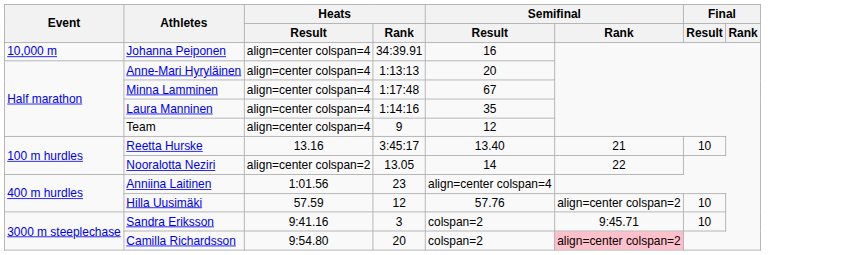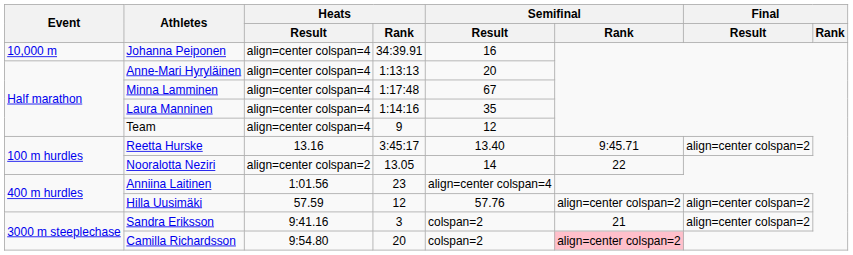 <table class="wikitable" border="1" style="font-size:90%">
 <tr>
 <th rowspan=2>Event</th>
 <th rowspan=2>Athletes</th>
 <th colspan=2>Heats</th>
 <th colspan=2>Semifinal</th>
 <th colspan=2>Final</th>
 </tr>
 <tr>
 <th>Result</th>
 <th>Rank</th>
 <th>Result</th>
 <th>Rank</th>
 <th>Result</th>
 <th>Rank</th>
 </tr>
 <tr>
 <td><a href='#'>10,000 m</a></td>
 <td><a href='#'>Johanna Peiponen</a></td>
 <td>align=center colspan=4 </td>
 <td align=center>34:39.91</td>
 <td align=center>16</td>
 </tr>
 <tr>
 <td rowspan=4><a href='#'>Half marathon</a></td>
 <td><a href='#'>Anne-Mari Hyryläinen</a></td>
 <td>align=center colspan=4 </td>
 <td align=center>1:13:13</td>
 <td align=center>20</td>
 </tr>
 <tr>
 <td><a href='#'>Minna Lamminen</a></td>
 <td>align=center colspan=4 </td>
 <td align=center>1:17:48</td>
 <td align=center>67</td>
 </tr>
 <tr>
 <td><a href='#'>Laura Manninen</a></td>
 <td>align=center colspan=4 </td>
 <td align=center>1:14:16 </td>
 <td align=center>35</td>
 </tr>
 <tr>
 <td>Team</td>
 <td>align=center colspan=4 </td>
 <td align=center>9 </td>
 <td align=center>12</td>
 </tr>
 <tr>
 <td rowspan=2><a href='#'>100 m hurdles</a></td>
 <td><a href='#'>Reetta Hurske</a></td>
 <td align=center>13.16 </td>
 <td align=center>3:45:17</td>
 <td align=center>13.40</td>
-<td align=center>21</td>
-<td align=center>10</td>
+<td align=center>9:45.71</td>
+<td>align=center colspan=2 </td>
 </tr>
 <tr>
 <td><a href='#'>Nooralotta Neziri</a></td>
 <td>align=center colspan=2 </td>
 <td align=center>13.05</td>
 <td align=center>14</td>
 <td align=center>22</td>
 </tr>
 <tr>
 <td rowspan=2><a href='#'>400 m hurdles</a></td>
 <td><a href='#'>Anniina Laitinen</a></td>
 <td align=center>1:01.56</td>
 <td align=center>23</td>
 <td>align=center colspan=4 </td>
 </tr>
 <tr>
 <td><a href='#'>Hilla Uusimäki</a></td>
 <td align=center>57.59 </td>
 <td align=center>12 </td>
 <td align=center>57.76</td>
 <td>align=center colspan=2 </td>
-<td align=center>10</td>
+<td>align=center colspan=2 </td>
 </tr>
 <tr>
 <td rowspan=2><a href='#'>3000 m steeplechase</a></td>
 <td><a href='#'>Sandra Eriksson</a></td>
 <td align=center>9:41.16</td>
 <td align=center>3 </td>
 <td>colspan=2 </td>
-<td align=center>9:45.71</td>
-<td align=center>10</td>
+<td align=center>21</td>
+<td>align=center colspan=2 </td>
 </tr>
 <tr>
 <td><a href='#'>Camilla Richardsson</a></td>
 <td align=center>9:54.80</td>
 <td align=center>20</td>
 <td>colspan=2 </td>
 <td style="background: pink;">align=center colspan=2 </td>
 </tr>
 </table>
